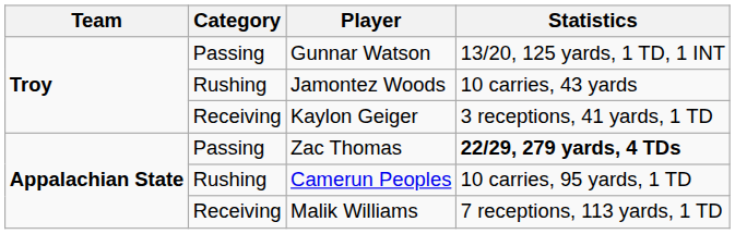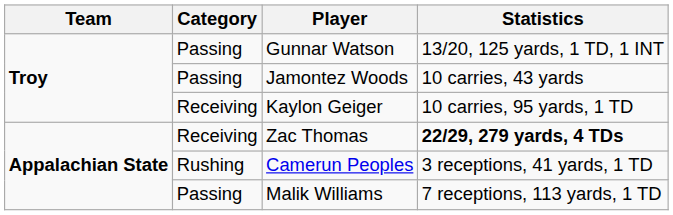 <table class="wikitable" style="float: left;">
 <tr>
 <th>Team</th>
 <th>Category</th>
 <th>Player</th>
 <th>Statistics</th>
 </tr>
 <tr>
 <td rowspan=3><strong>Troy</strong></td>
 <td>Passing</td>
 <td>Gunnar Watson</td>
 <td>13/20, 125 yards, 1 TD, 1 INT</td>
 </tr>
 <tr>
-<td>Rushing</td>
+<td>Passing</td>
 <td>Jamontez Woods</td>
 <td>10 carries, 43 yards</td>
 </tr>
 <tr>
 <td>Receiving</td>
 <td>Kaylon Geiger</td>
-<td>3 receptions, 41 yards, 1 TD</td>
+<td>10 carries, 95 yards, 1 TD</td>
 </tr>
 <tr>
 <td rowspan=3><strong>Appalachian State</strong></td>
-<td>Passing</td>
+<td>Receiving</td>
 <td>Zac Thomas</td>
 <td><strong>22/29, 279 yards, 4 TDs</strong></td>
 </tr>
 <tr>
 <td>Rushing</td>
 <td><a href='#'>Camerun Peoples</a></td>
-<td>10 carries, 95 yards, 1 TD</td>
+<td>3 receptions, 41 yards, 1 TD</td>
 </tr>
 <tr>
-<td>Receiving</td>
+<td>Passing</td>
 <td>Malik Williams</td>
 <td>7 receptions, 113 yards, 1 TD</td>
 </tr>
 </table>
